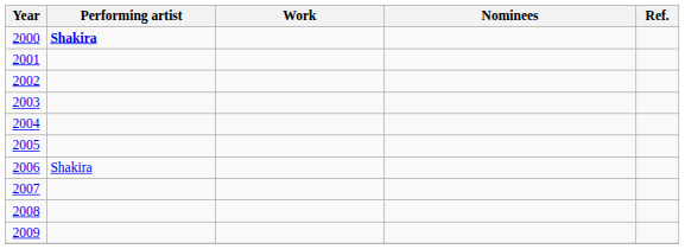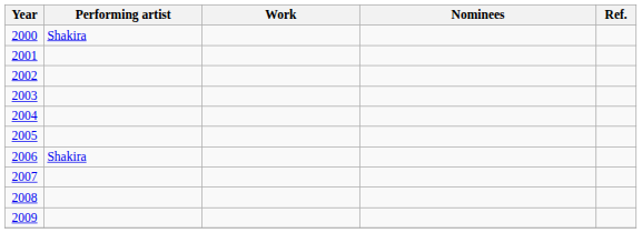 <table class="wikitable plainrowheaders sortable">
 <tr>
 <th scope="col" width="5%">Year</th>
 <th scope="col" width="20%">Performing artist</th>
 <th scope="col" width="20%">Work</th>
 <th scope="col" class="unsortable" width="30%">Nominees</th>
 <th scope="col" class="unsortable" width="5%">Ref.</th>
 </tr>
 <tr>
 <td style="text-align:center;"><a href='#'>2000</a></td>
-<td><strong><a href='#'>Shakira</a></strong></td>
+<td><a href='#'>Shakira</a></td>
 <td></td>
 <td></td>
 <td style="text-align:center;"></td>
 </tr>
 <tr>
 <td style="text-align:center;"><a href='#'>2001</a></td>
 <td></td>
 <td></td>
 <td></td>
 <td style="text-align:center;"></td>
 </tr>
 <tr>
 <td style="text-align:center;"><a href='#'>2002</a></td>
 <td></td>
 <td></td>
 <td></td>
 <td style="text-align:center;"></td>
 </tr>
 <tr>
 <td style="text-align:center;"><a href='#'>2003</a></td>
 <td></td>
 <td></td>
 <td></td>
 <td style="text-align:center;"></td>
 </tr>
 <tr>
 <td style="text-align:center;"><a href='#'>2004</a></td>
 <td></td>
 <td></td>
 <td></td>
 <td style="text-align:center;"></td>
 </tr>
 <tr>
 <td style="text-align:center;"><a href='#'>2005</a></td>
 <td></td>
 <td></td>
 <td></td>
 <td style="text-align:center;"></td>
 </tr>
 <tr>
 <td style="text-align:center;"><a href='#'>2006</a></td>
 <td><a href='#'>Shakira</a></td>
 <td></td>
 <td></td>
 <td style="text-align:center;"></td>
 </tr>
 <tr>
 <td style="text-align:center;"><a href='#'>2007</a></td>
 <td></td>
 <td></td>
 <td></td>
 <td style="text-align:center;"></td>
 </tr>
 <tr>
 <td style="text-align:center;"><a href='#'>2008</a></td>
 <td></td>
 <td></td>
 <td></td>
 <td style="text-align:center;"></td>
 </tr>
 <tr>
 <td style="text-align:center;"><a href='#'>2009</a></td>
 <td></td>
 <td></td>
 <td></td>
 <td style="text-align:center;"></td>
 </tr>
 <tr>
 </tr>
 </table>
